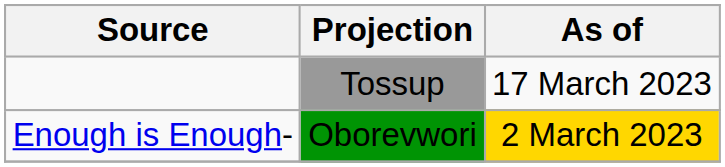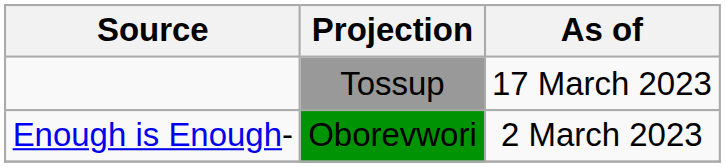 <table class="wikitable" style="text-align:center">
 <tr>
 <th>Source</th>
 <th colspan=2>Projection</th>
 <th>As of</th>
 </tr>
 <tr>
 <td align="left"></td>
 <td colspan=2 bgcolor=#999999>Tossup</td>
 <td>17 March 2023</td>
 </tr>
 <tr>
 <td align="left"><a href='#'>Enough is Enough</a>-<br></td>
 <td colspan=2 bgcolor=#009404>Oborevwori</td>
-<td style="background: gold;">2 March 2023</td>
+<td>2 March 2023</td>
 </tr>
 <tr>
 </tr>
 </table>
